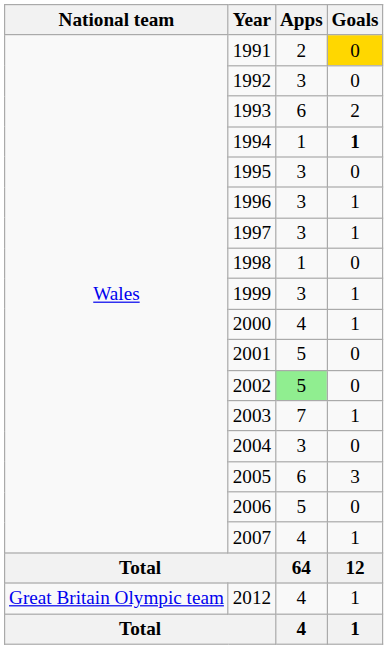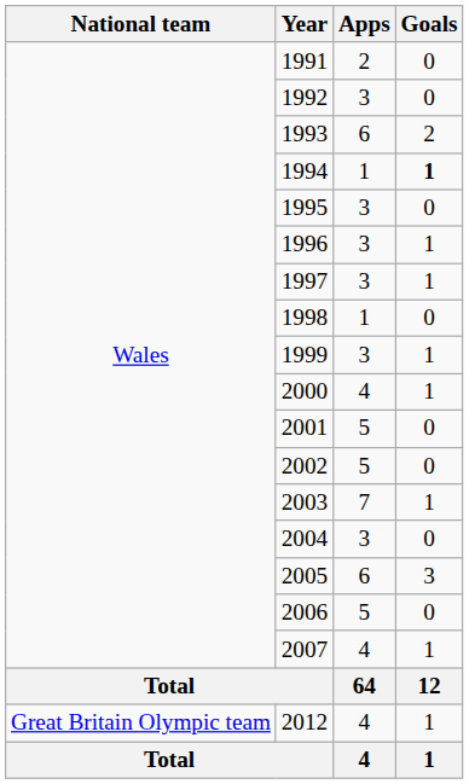 <table class="wikitable" style="text-align:center">
 <tr>
 <th>National team</th>
 <th>Year</th>
 <th>Apps</th>
 <th>Goals</th>
 </tr>
 <tr>
 <td rowspan="17"><a href='#'>Wales</a></td>
 <td>1991</td>
 <td>2</td>
-<td style="background: gold;">0</td>
+<td>0</td>
 </tr>
 <tr>
 <td>1992</td>
 <td>3</td>
 <td>0</td>
 </tr>
 <tr>
 <td>1993</td>
 <td>6</td>
 <td>2</td>
 </tr>
 <tr>
 <td>1994</td>
 <td>1</td>
 <td><strong>1</strong></td>
 </tr>
 <tr>
 <td>1995</td>
 <td>3</td>
 <td>0</td>
 </tr>
 <tr>
 <td>1996</td>
 <td>3</td>
 <td>1</td>
 </tr>
 <tr>
 <td>1997</td>
 <td>3</td>
 <td>1</td>
 </tr>
 <tr>
 <td>1998</td>
 <td>1</td>
 <td>0</td>
 </tr>
 <tr>
 <td>1999</td>
 <td>3</td>
 <td>1</td>
 </tr>
 <tr>
 <td>2000</td>
 <td>4</td>
 <td>1</td>
 </tr>
 <tr>
 <td>2001</td>
 <td>5</td>
 <td>0</td>
 </tr>
 <tr>
 <td>2002</td>
-<td style="background: lightgreen;">5</td>
+<td>5</td>
 <td>0</td>
 </tr>
 <tr>
 <td>2003</td>
 <td>7</td>
 <td>1</td>
 </tr>
 <tr>
 <td>2004</td>
 <td>3</td>
 <td>0</td>
 </tr>
 <tr>
 <td>2005</td>
 <td>6</td>
 <td>3</td>
 </tr>
 <tr>
 <td>2006</td>
 <td>5</td>
 <td>0</td>
 </tr>
 <tr>
 <td>2007</td>
 <td>4</td>
 <td>1</td>
 </tr>
 <tr>
 <th colspan="2">Total</th>
 <th>64</th>
 <th>12</th>
 </tr>
 <tr>
 <td><a href='#'>Great Britain Olympic team</a></td>
 <td>2012</td>
 <td>4</td>
 <td>1</td>
 </tr>
 <tr>
 <th colspan="2">Total</th>
 <th>4</th>
 <th>1</th>
 </tr>
 </table>
